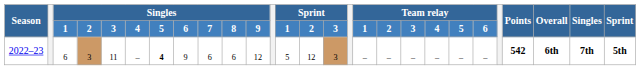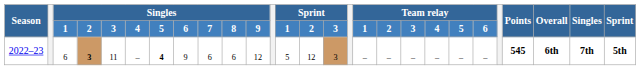 <table class="wikitable" style="font-size:95%; text-align:center; border:grey solid 1px; border-collapse:collapse; background:#ffffff;">
 <tr>
 <th rowspan="2" style="background-color:#369; color:white; width:60px">Season</th>
 <th rowspan="6" width="1px"></th>
 <th colspan="9" style="background-color:#369; color:white;">Singles</th>
 <th rowspan="6" width="1px"></th>
 <th colspan="3" style="background-color:#369; color:white;">Sprint</th>
 <th rowspan="6" width="1px"></th>
 <th colspan="6" style="background-color:#369; color:white;">Team relay</th>
 <th rowspan="6" width="1px"></th>
 <th rowspan="2" style="background-color:#369; color:white; width:40px">Points</th>
 <th rowspan="2" style="background-color:#369; color:white; width:40px">Overall</th>
 <th rowspan="2" style="background-color:#369; color:white; width:40px">Singles</th>
 <th rowspan="2" style="background-color:#369; color:white; width:40px">Sprint</th>
 </tr>
 <tr>
 <th style="background-color:#4180be; color:white; width:30px">1</th>
 <th style="background-color:#4180be; color:white; width:30px">2</th>
 <th style="background-color:#4180be; color:white; width:30px">3</th>
 <th style="background-color:#4180be; color:white; width:30px">4</th>
 <th style="background-color:#4180be; color:white; width:30px">5</th>
 <th style="background-color:#4180be; color:white; width:30px">6</th>
 <th style="background-color:#4180be; color:white; width:30px">7</th>
 <th style="background-color:#4180be; color:white; width:30px">8</th>
 <th style="background-color:#4180be; color:white; width:30px">9</th>
 <th style="background-color:#4180be; color:white; width:30px">1</th>
 <th style="background-color:#4180be; color:white; width:30px">2</th>
 <th style="background-color:#4180be; color:white; width:30px">3</th>
 <th style="background-color:#4180be; color:white; width:30px">1</th>
 <th style="background-color:#4180be; color:white; width:30px">2</th>
 <th style="background-color:#4180be; color:white; width:30px">3</th>
 <th style="background-color:#4180be; color:white; width:30px">4</th>
 <th style="background-color:#4180be; color:white; width:30px">5</th>
 <th style="background-color:#4180be; color:white; width:30px">6</th>
 </tr>
 <tr>
 <td><a href='#'>2022–23</a></td>
 <td><br><small>6</small></td>
-<td style="background:#cc9966;"><br><small>3</small></td>
+<td style="background:#cc9966;"><strong><br><small>3</small></strong></td>
 <td><br><small>11</small></td>
 <td><br><small>–</small></td>
 <td><strong><br><small>4</small></strong></td>
 <td><br><small>9</small></td>
 <td><br><small>6 </small></td>
 <td><br><small>6 </small></td>
 <td><br><small>12 </small></td>
 <td><br><small>5</small></td>
 <td><br><small>12</small></td>
 <td style="background:#cc9966;"><br><small>3</small></td>
 <td><br><small>–</small></td>
 <td><br><small>–</small></td>
 <td><br><small>–</small></td>
 <td><br><small>–</small></td>
 <td><br><small>–</small></td>
 <td><br><small>–</small></td>
-<td><strong>542</strong></td>
+<td><strong>545</strong></td>
 <td><strong>6th</strong></td>
 <td><strong>7th</strong></td>
 <td><strong>5th</strong></td>
 </tr>
 </table>
